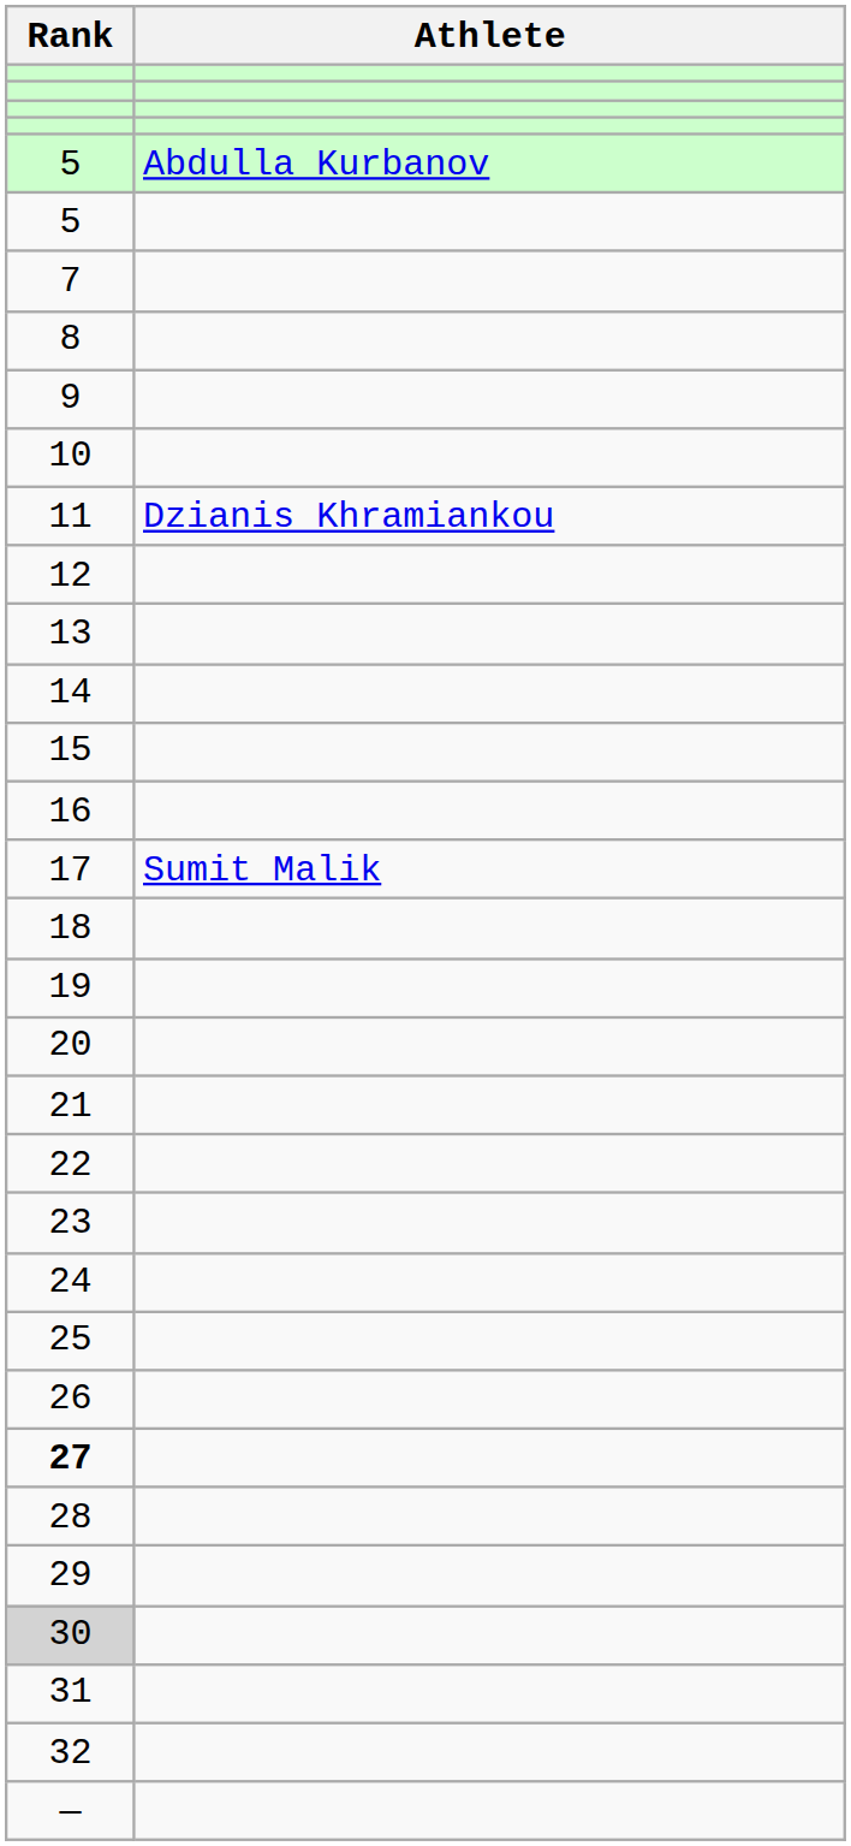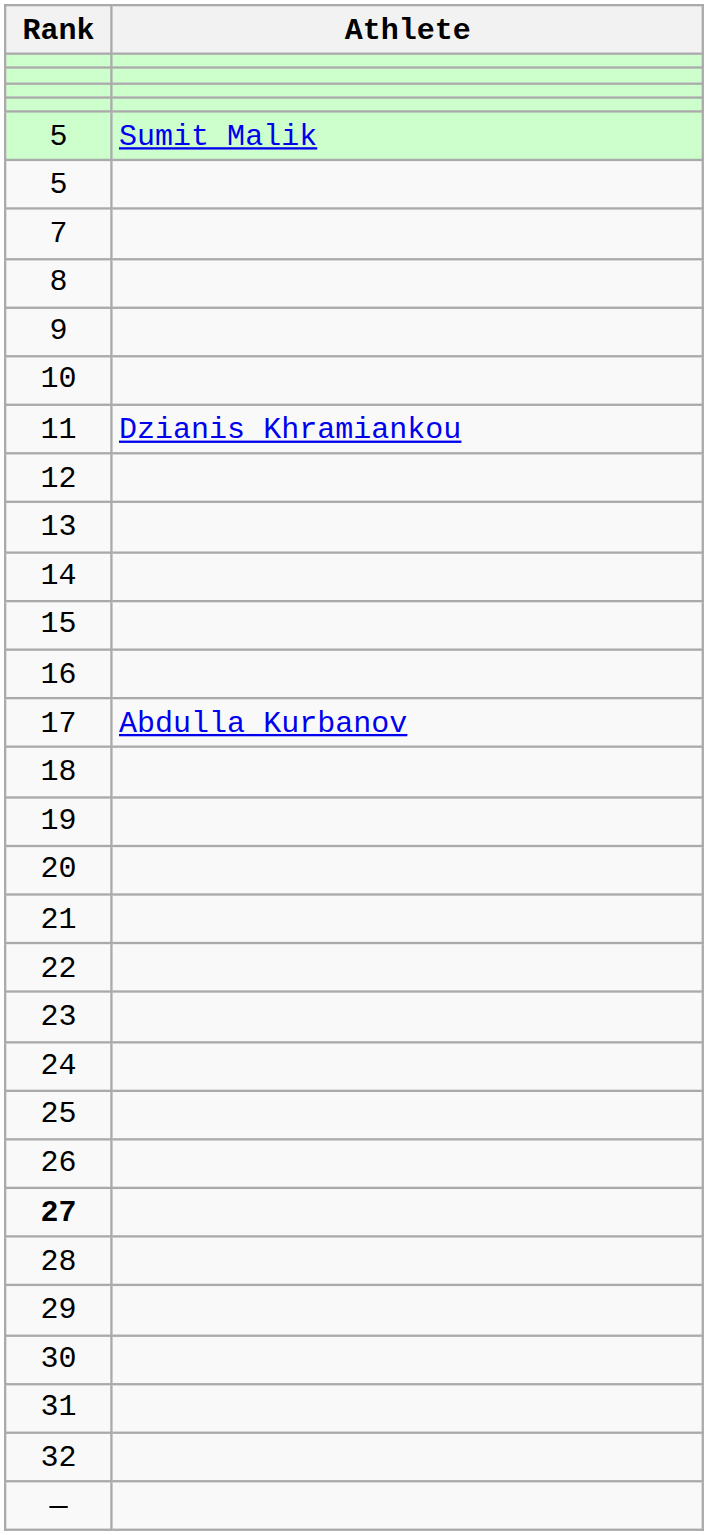 <table class="wikitable" style="text-align: center;">
 <tr>
 <th width=40>Rank</th>
 <th width=250>Athlete</th>
 </tr>
 <tr bgcolor=#ccffcc>
 <td></td>
 <td align="left"></td>
 </tr>
 <tr bgcolor=#ccffcc>
 <td></td>
 <td align="left"></td>
 </tr>
 <tr bgcolor=#ccffcc>
 <td></td>
 <td align="left"></td>
 </tr>
 <tr bgcolor=#ccffcc>
 <td></td>
 <td align="left"></td>
 </tr>
 <tr bgcolor=#ccffcc>
 <td>5</td>
-<td align="left"> <a href='#'>Abdulla Kurbanov</a> </td>
+<td align="left"> <a href='#'>Sumit Malik</a> </td>
 </tr>
 <tr>
 <td>5</td>
 <td align="left"></td>
 </tr>
 <tr>
 <td>7</td>
 <td align="left"></td>
 </tr>
 <tr>
 <td>8</td>
 <td align="left"></td>
 </tr>
 <tr>
 <td>9</td>
 <td align="left"></td>
 </tr>
 <tr>
 <td>10</td>
 <td align="left"></td>
 </tr>
 <tr>
 <td>11</td>
 <td align="left"> <a href='#'>Dzianis Khramiankou</a> </td>
 </tr>
 <tr>
 <td>12</td>
 <td align="left"></td>
 </tr>
 <tr>
 <td>13</td>
 <td align="left"></td>
 </tr>
 <tr>
 <td>14</td>
 <td align="left"></td>
 </tr>
 <tr>
 <td>15</td>
 <td align="left"></td>
 </tr>
 <tr>
 <td>16</td>
 <td align="left"></td>
 </tr>
 <tr>
 <td>17</td>
-<td align="left"> <a href='#'>Sumit Malik</a> </td>
+<td align="left"> <a href='#'>Abdulla Kurbanov</a> </td>
 </tr>
 <tr>
 <td>18</td>
 <td align="left"></td>
 </tr>
 <tr>
 <td>19</td>
 <td align="left"></td>
 </tr>
 <tr>
 <td>20</td>
 <td align="left"></td>
 </tr>
 <tr>
 <td>21</td>
 <td align="left"></td>
 </tr>
 <tr>
 <td>22</td>
 <td align="left"></td>
 </tr>
 <tr>
 <td>23</td>
 <td align="left"></td>
 </tr>
 <tr>
 <td>24</td>
 <td align="left"></td>
 </tr>
 <tr>
 <td>25</td>
 <td align="left"></td>
 </tr>
 <tr>
 <td>26</td>
 <td align="left"></td>
 </tr>
 <tr>
 <td><strong>27</strong></td>
 <td align="left"></td>
 </tr>
 <tr>
 <td>28</td>
 <td align="left"></td>
 </tr>
 <tr>
 <td>29</td>
 <td align="left"></td>
 </tr>
 <tr>
-<td style="background: lightgrey;">30</td>
+<td>30</td>
 <td align="left"></td>
 </tr>
 <tr>
 <td>31</td>
 <td align="left"></td>
 </tr>
 <tr>
 <td>32</td>
 <td align="left"></td>
 </tr>
 <tr>
 <td>—</td>
 <td align="left"></td>
 </tr>
 </table>
